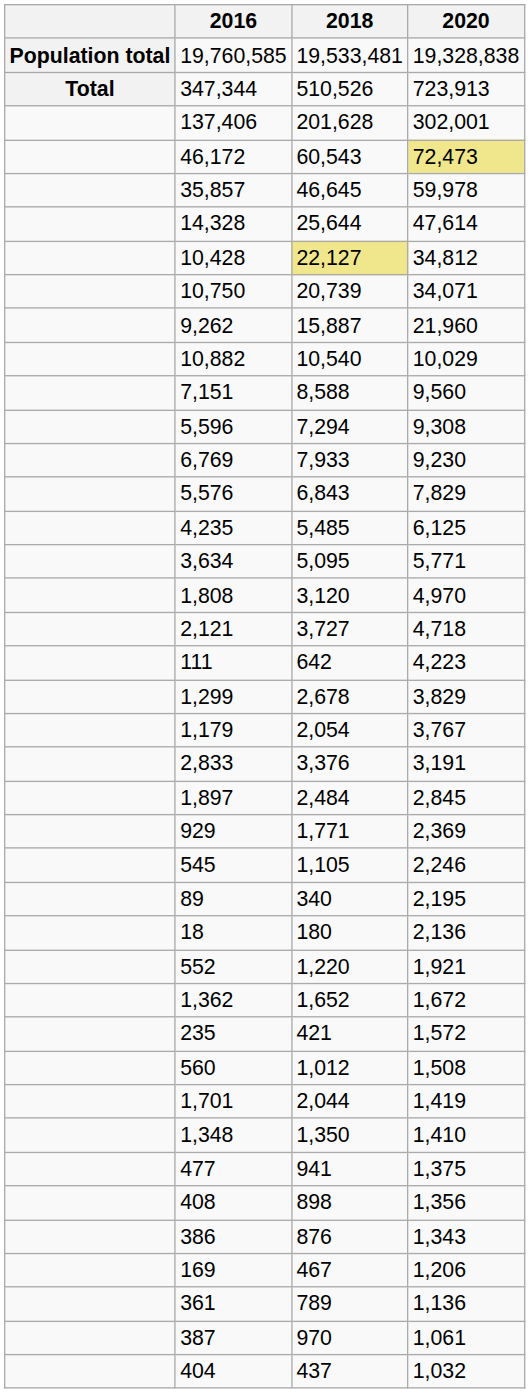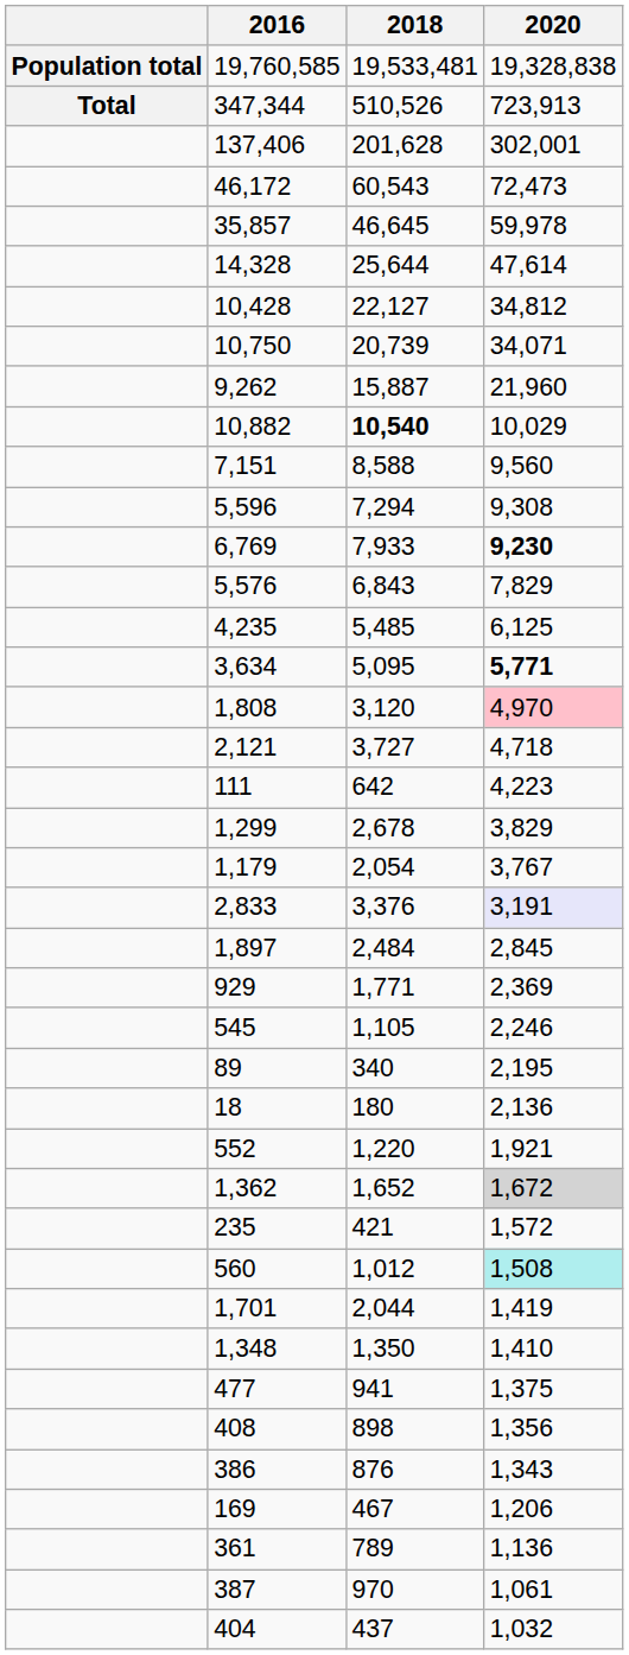 <table class="wikitable">
 <tr>
 <th></th>
 <th>2016</th>
 <th>2018</th>
 <th>2020</th>
 </tr>
 <tr>
 <th>Population total</th>
 <td>19,760,585</td>
 <td>19,533,481</td>
 <td>19,328,838</td>
 </tr>
 <tr>
 <th>Total</th>
 <td>347,344</td>
 <td>510,526</td>
 <td>723,913</td>
 </tr>
 <tr>
 <td></td>
 <td>137,406</td>
 <td>201,628</td>
 <td>302,001</td>
 </tr>
 <tr>
 <td></td>
 <td>46,172</td>
 <td>60,543</td>
-<td style="background: khaki;">72,473</td>
+<td>72,473</td>
 </tr>
 <tr>
 <td></td>
 <td>35,857</td>
 <td>46,645</td>
 <td>59,978</td>
 </tr>
 <tr>
 <td></td>
 <td>14,328</td>
 <td>25,644</td>
 <td>47,614</td>
 </tr>
 <tr>
 <td></td>
 <td>10,428</td>
-<td style="background: khaki;">22,127</td>
+<td>22,127</td>
 <td>34,812</td>
 </tr>
 <tr>
 <td></td>
 <td>10,750</td>
 <td>20,739</td>
 <td>34,071</td>
 </tr>
 <tr>
 <td></td>
 <td>9,262</td>
 <td>15,887</td>
 <td>21,960</td>
 </tr>
 <tr>
 <td></td>
 <td>10,882</td>
-<td>10,540</td>
+<td><strong>10,540</strong></td>
 <td>10,029</td>
 </tr>
 <tr>
 <td></td>
 <td>7,151</td>
 <td>8,588</td>
 <td>9,560</td>
 </tr>
 <tr>
 <td></td>
 <td>5,596</td>
 <td>7,294</td>
 <td>9,308</td>
 </tr>
 <tr>
 <td></td>
 <td>6,769</td>
 <td>7,933</td>
-<td>9,230</td>
+<td><strong>9,230</strong></td>
 </tr>
 <tr>
 <td></td>
 <td>5,576</td>
 <td>6,843</td>
 <td>7,829</td>
 </tr>
 <tr>
 <td></td>
 <td>4,235</td>
 <td>5,485</td>
 <td>6,125</td>
 </tr>
 <tr>
 <td></td>
 <td>3,634</td>
 <td>5,095</td>
-<td>5,771</td>
+<td><strong>5,771</strong></td>
 </tr>
 <tr>
 <td></td>
 <td>1,808</td>
 <td>3,120</td>
-<td>4,970</td>
+<td style="background: pink;">4,970</td>
 </tr>
 <tr>
 <td></td>
 <td>2,121</td>
 <td>3,727</td>
 <td>4,718</td>
 </tr>
 <tr>
 <td></td>
 <td>111</td>
 <td>642</td>
 <td>4,223</td>
 </tr>
 <tr>
 <td></td>
 <td>1,299</td>
 <td>2,678</td>
 <td>3,829</td>
 </tr>
 <tr>
 <td></td>
 <td>1,179</td>
 <td>2,054</td>
 <td>3,767</td>
 </tr>
 <tr>
 <td></td>
 <td>2,833</td>
 <td>3,376</td>
-<td>3,191</td>
+<td style="background: lavender;">3,191</td>
 </tr>
 <tr>
 <td></td>
 <td>1,897</td>
 <td>2,484</td>
 <td>2,845</td>
 </tr>
 <tr>
 <td></td>
 <td>929</td>
 <td>1,771</td>
 <td>2,369</td>
 </tr>
 <tr>
 <td></td>
 <td>545</td>
 <td>1,105</td>
 <td>2,246</td>
 </tr>
 <tr>
 <td></td>
 <td>89</td>
 <td>340</td>
 <td>2,195</td>
 </tr>
 <tr>
 <td></td>
 <td>18</td>
 <td>180</td>
 <td>2,136</td>
 </tr>
 <tr>
 <td></td>
 <td>552</td>
 <td>1,220</td>
 <td>1,921</td>
 </tr>
 <tr>
 <td></td>
 <td>1,362</td>
 <td>1,652</td>
-<td>1,672</td>
+<td style="background: lightgrey;">1,672</td>
 </tr>
 <tr>
 <td></td>
 <td>235</td>
 <td>421</td>
 <td>1,572</td>
 </tr>
 <tr>
 <td></td>
 <td>560</td>
 <td>1,012</td>
-<td>1,508</td>
+<td style="background: paleturquoise;">1,508</td>
 </tr>
 <tr>
 <td></td>
 <td>1,701</td>
 <td>2,044</td>
 <td>1,419</td>
 </tr>
 <tr>
 <td></td>
 <td>1,348</td>
 <td>1,350</td>
 <td>1,410</td>
 </tr>
 <tr>
 <td></td>
 <td>477</td>
 <td>941</td>
 <td>1,375</td>
 </tr>
 <tr>
 <td></td>
 <td>408</td>
 <td>898</td>
 <td>1,356</td>
 </tr>
 <tr>
 <td></td>
 <td>386</td>
 <td>876</td>
 <td>1,343</td>
 </tr>
 <tr>
 <td></td>
 <td>169</td>
 <td>467</td>
 <td>1,206</td>
 </tr>
 <tr>
 <td></td>
 <td>361</td>
 <td>789</td>
 <td>1,136</td>
 </tr>
 <tr>
 <td></td>
 <td>387</td>
 <td>970</td>
 <td>1,061</td>
 </tr>
 <tr>
 <td></td>
 <td>404</td>
 <td>437</td>
 <td>1,032</td>
 </tr>
 </table>
